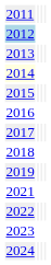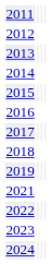 <table>
 <tr bgcolor="#EFEFEF">
 <td><a href='#'>2011</a></td>
 <td></td>
 <td></td>
 <td></td>
 </tr>
 <tr>
-<td style="background: lightblue;"><a href='#'>2012</a></td>
+<td><a href='#'>2012</a></td>
 <td></td>
 <td></td>
 <td></td>
 </tr>
 <tr bgcolor="#EFEFEF">
 <td><a href='#'>2013</a></td>
 <td></td>
 <td></td>
 <td></td>
 </tr>
 <tr>
-<td style="background: lightyellow;"><a href='#'>2014</a></td>
+<td><a href='#'>2014</a></td>
 <td></td>
 <td></td>
 <td></td>
 </tr>
 <tr bgcolor="#EFEFEF">
 <td><a href='#'>2015</a></td>
 <td></td>
 <td></td>
 <td></td>
 </tr>
 <tr>
 <td><a href='#'>2016</a></td>
 <td></td>
 <td></td>
 <td></td>
 </tr>
 <tr bgcolor="#EFEFEF">
 <td><a href='#'>2017</a></td>
 <td></td>
 <td></td>
 <td></td>
 </tr>
 <tr>
 <td><a href='#'>2018</a></td>
 <td></td>
 <td></td>
 <td></td>
 </tr>
 <tr bgcolor="#EFEFEF">
 <td><a href='#'>2019</a></td>
 <td></td>
 <td></td>
 <td></td>
 </tr>
 <tr>
 <td><a href='#'>2021</a></td>
 <td></td>
 <td></td>
 <td></td>
 </tr>
 <tr bgcolor="#EFEFEF">
 <td><a href='#'>2022</a></td>
 <td></td>
 <td></td>
 <td></td>
 </tr>
 <tr>
 <td><a href='#'>2023</a></td>
 <td></td>
 <td></td>
 <td></td>
 </tr>
 <tr bgcolor="#EFEFEF">
 <td><a href='#'>2024</a></td>
 <td></td>
 <td></td>
 <td></td>
 </tr>
 </table>
